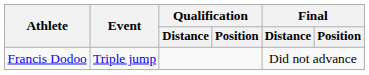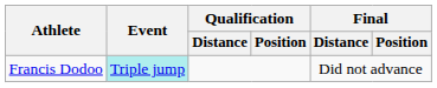 <table class="wikitable" style="font-size:90%">
 <tr>
 <th rowspan="2">Athlete</th>
 <th rowspan="2">Event</th>
 <th colspan="2">Qualification</th>
 <th colspan="2">Final</th>
 </tr>
 <tr style="font-size:95%">
 <th>Distance</th>
 <th>Position</th>
 <th>Distance</th>
 <th>Position</th>
 </tr>
 <tr align=center>
 <td align=left><a href='#'>Francis Dodoo</a></td>
-<td align=left><a href='#'>Triple jump</a></td>
+<td align=left style="background: paleturquoise;"><a href='#'>Triple jump</a></td>
 <td colspan=2></td>
 <td colspan=2>Did not advance</td>
 </tr>
 </table>
